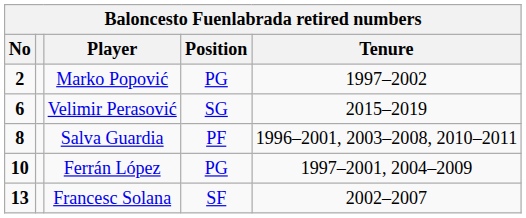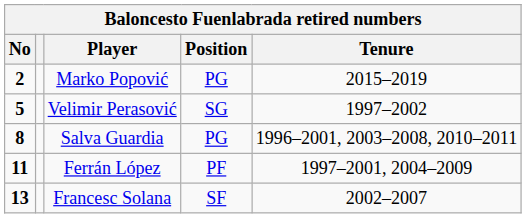 <table class="wikitable sortable" style="font-size: 95%; text-align:center;">
 <tr>
 <th colspan=6>Baloncesto Fuenlabrada retired numbers</th>
 </tr>
 <tr>
 <th>No</th>
 <th></th>
 <th>Player</th>
 <th>Position</th>
 <th>Tenure</th>
 </tr>
 <tr>
 <td><strong>2</strong></td>
 <td></td>
 <td><a href='#'>Marko Popović</a></td>
 <td><a href='#'>PG</a></td>
-<td>1997–2002</td>
+<td>2015–2019</td>
 </tr>
 <tr>
-<td><strong>6</strong></td>
+<td><strong>5</strong></td>
 <td></td>
 <td><a href='#'>Velimir Perasović</a></td>
 <td><a href='#'>SG</a></td>
-<td>2015–2019</td>
+<td>1997–2002</td>
 </tr>
 <tr>
 <td><strong>8</strong></td>
 <td></td>
 <td><a href='#'>Salva Guardia</a></td>
-<td><a href='#'>PF</a></td>
+<td><a href='#'>PG</a></td>
 <td>1996–2001, 2003–2008, 2010–2011</td>
 </tr>
 <tr>
-<td><strong>10</strong></td>
+<td><strong>11</strong></td>
 <td></td>
 <td><a href='#'>Ferrán López</a></td>
-<td><a href='#'>PG</a></td>
+<td><a href='#'>PF</a></td>
 <td>1997–2001, 2004–2009</td>
 </tr>
 <tr>
 <td><strong>13</strong></td>
 <td></td>
 <td><a href='#'>Francesc Solana</a></td>
 <td><a href='#'>SF</a></td>
 <td>2002–2007</td>
 </tr>
 </table>
